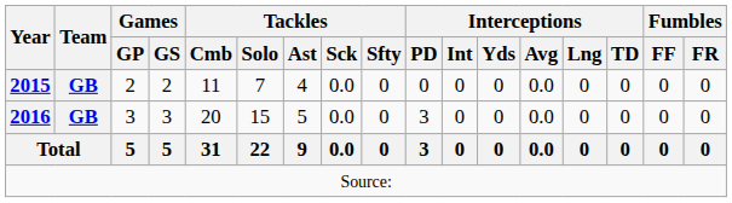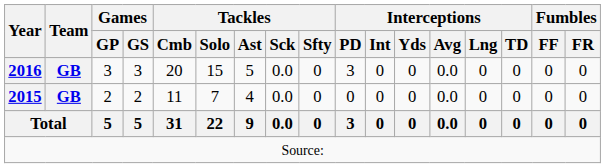 <table class="wikitable" style="text-align: center;">
 <tr>
 <th rowspan="2">Year</th>
 <th rowspan="2">Team</th>
 <th colspan="2">Games</th>
 <th colspan="5">Tackles</th>
 <th colspan="6">Interceptions</th>
 <th colspan="2">Fumbles</th>
 </tr>
 <tr>
 <th>GP</th>
 <th>GS</th>
 <th>Cmb</th>
 <th>Solo</th>
 <th>Ast</th>
 <th>Sck</th>
 <th>Sfty</th>
 <th>PD</th>
 <th>Int</th>
 <th>Yds</th>
 <th>Avg</th>
 <th>Lng</th>
 <th>TD</th>
 <th>FF</th>
 <th>FR</th>
 </tr>
 <tr>
+<th><a href='#'>2016</a></th>
+<th><a href='#'>GB</a></th>
+<td>3</td>
+<td>3</td>
+<td>20</td>
+<td>15</td>
+<td>5</td>
+<td>0.0</td>
+<td>0</td>
+<td>3</td>
+<td>0</td>
+<td>0</td>
+<td>0.0</td>
+<td>0</td>
+<td>0</td>
+<td>0</td>
+<td>0</td>
+</tr>
+<tr>
 <th><a href='#'>2015</a></th>
 <th><a href='#'>GB</a></th>
 <td>2</td>
 <td>2</td>
 <td>11</td>
 <td>7</td>
 <td>4</td>
 <td>0.0</td>
 <td>0</td>
 <td>0</td>
-<td>0</td>
-<td>0</td>
-<td>0.0</td>
-<td>0</td>
-<td>0</td>
-<td>0</td>
-<td>0</td>
-</tr>
-<tr>
-<th><a href='#'>2016</a></th>
-<th><a href='#'>GB</a></th>
-<td>3</td>
-<td>3</td>
-<td>20</td>
-<td>15</td>
-<td>5</td>
-<td>0.0</td>
-<td>0</td>
-<td>3</td>
 <td>0</td>
 <td>0</td>
 <td>0.0</td>
 <td>0</td>
 <td>0</td>
 <td>0</td>
 <td>0</td>
 </tr>
 <tr>
 <th colspan="2">Total</th>
 <th>5</th>
 <th>5</th>
 <th>31</th>
 <th>22</th>
 <th>9</th>
 <th>0.0</th>
 <th>0</th>
 <th>3</th>
 <th>0</th>
 <th>0</th>
 <th>0.0</th>
 <th>0</th>
 <th>0</th>
 <th>0</th>
 <th>0</th>
 </tr>
 <tr>
 <td colspan="17"><small>Source: </small></td>
 </tr>
 </table>
